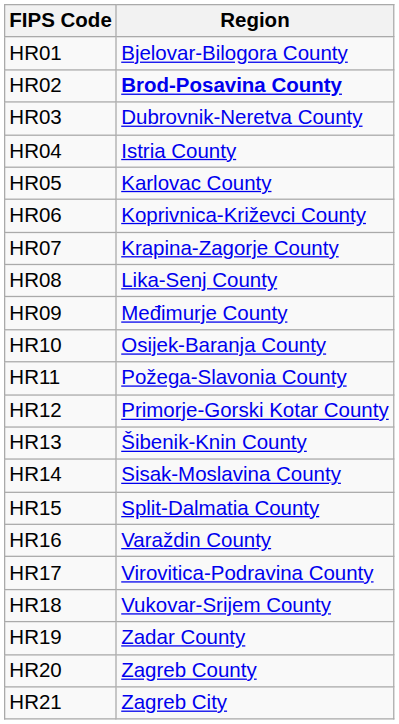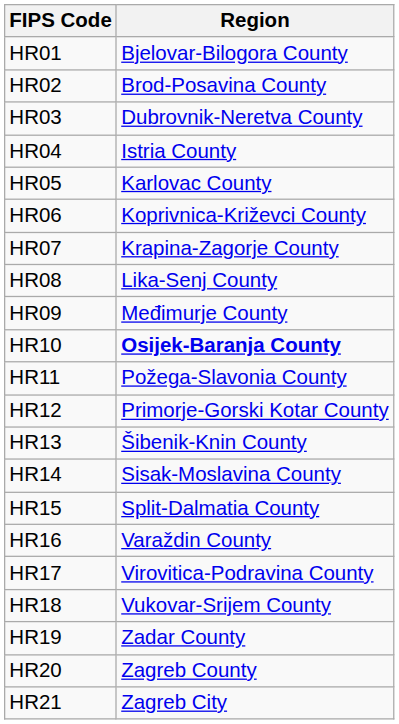 <table class="wikitable">
 <tr>
 <th>FIPS Code</th>
 <th>Region</th>
 </tr>
 <tr>
 <td>HR01</td>
 <td><a href='#'>Bjelovar-Bilogora County</a></td>
 </tr>
 <tr>
 <td>HR02</td>
-<td><strong><a href='#'>Brod-Posavina County</a></strong></td>
+<td><a href='#'>Brod-Posavina County</a></td>
 </tr>
 <tr>
 <td>HR03</td>
 <td><a href='#'>Dubrovnik-Neretva County</a></td>
 </tr>
 <tr>
 <td>HR04</td>
 <td><a href='#'>Istria County</a></td>
 </tr>
 <tr>
 <td>HR05</td>
 <td><a href='#'>Karlovac County</a></td>
 </tr>
 <tr>
 <td>HR06</td>
 <td><a href='#'>Koprivnica-Križevci County</a></td>
 </tr>
 <tr>
 <td>HR07</td>
 <td><a href='#'>Krapina-Zagorje County</a></td>
 </tr>
 <tr>
 <td>HR08</td>
 <td><a href='#'>Lika-Senj County</a></td>
 </tr>
 <tr>
 <td>HR09</td>
 <td><a href='#'>Međimurje County</a></td>
 </tr>
 <tr>
 <td>HR10</td>
-<td><a href='#'>Osijek-Baranja County</a></td>
+<td><strong><a href='#'>Osijek-Baranja County</a></strong></td>
 </tr>
 <tr>
 <td>HR11</td>
 <td><a href='#'>Požega-Slavonia County</a></td>
 </tr>
 <tr>
 <td>HR12</td>
 <td><a href='#'>Primorje-Gorski Kotar County</a></td>
 </tr>
 <tr>
 <td>HR13</td>
 <td><a href='#'>Šibenik-Knin County</a></td>
 </tr>
 <tr>
 <td>HR14</td>
 <td><a href='#'>Sisak-Moslavina County</a></td>
 </tr>
 <tr>
 <td>HR15</td>
 <td><a href='#'>Split-Dalmatia County</a></td>
 </tr>
 <tr>
 <td>HR16</td>
 <td><a href='#'>Varaždin County</a></td>
 </tr>
 <tr>
 <td>HR17</td>
 <td><a href='#'>Virovitica-Podravina County</a></td>
 </tr>
 <tr>
 <td>HR18</td>
 <td><a href='#'>Vukovar-Srijem County</a></td>
 </tr>
 <tr>
 <td>HR19</td>
 <td><a href='#'>Zadar County</a></td>
 </tr>
 <tr>
 <td>HR20</td>
 <td><a href='#'>Zagreb County</a></td>
 </tr>
 <tr>
 <td>HR21</td>
 <td><a href='#'>Zagreb City</a></td>
 </tr>
 </table>
